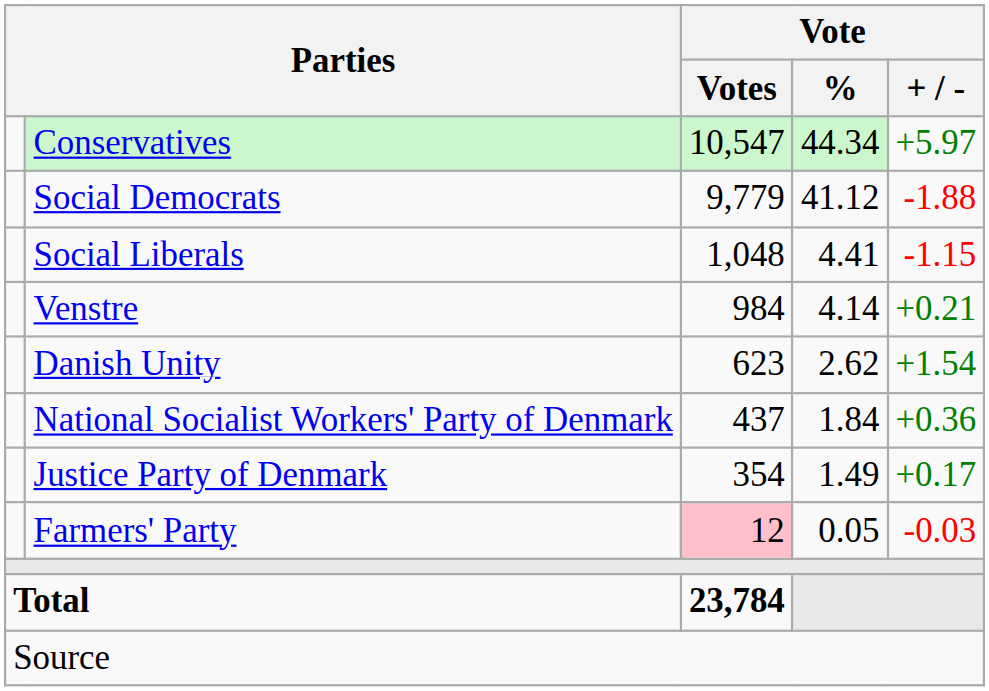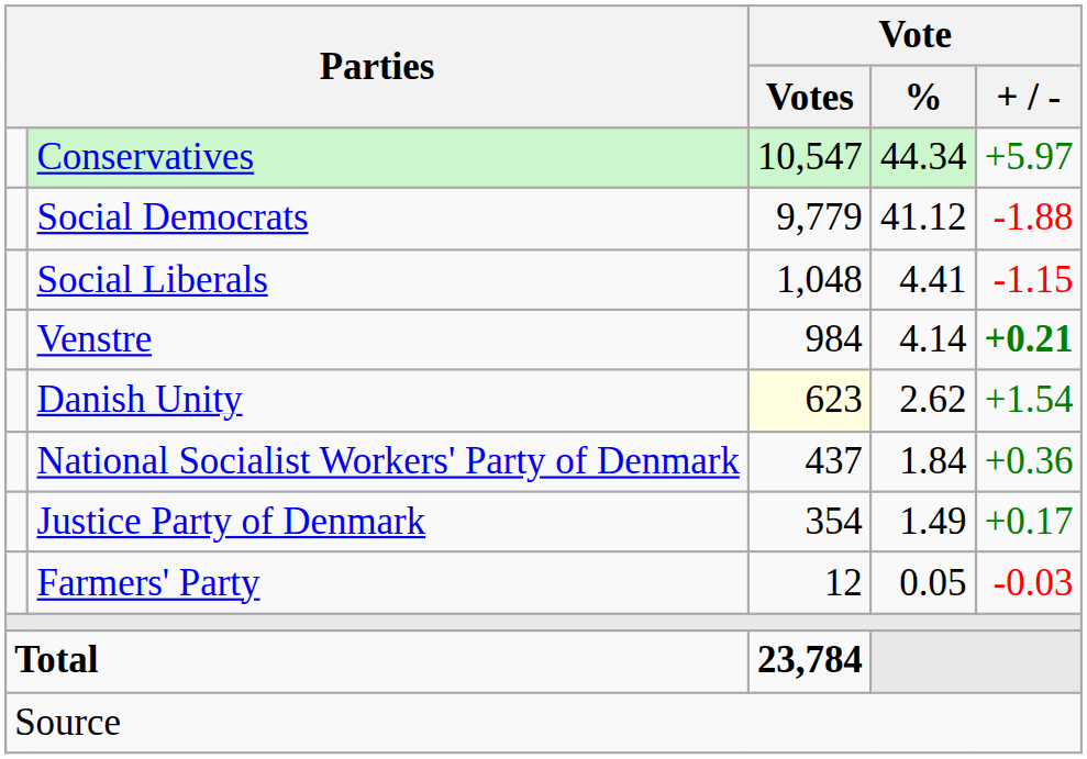 <table class="wikitable" style="text-align:right;">
 <tr>
 <th style="text-align:centre;" rowspan="2" colspan="2" width="225">Parties</th>
 <th colspan="3">Vote</th>
 </tr>
 <tr>
 <th width="15">Votes</th>
 <th width="15">%</th>
 <th width="15">+ / -</th>
 </tr>
 <tr>
 <td width="2" style="color:inherit;background:"></td>
 <td bgcolor=#ccf7cc  align="left"><a href='#'>Conservatives</a></td>
 <td bgcolor=#ccf7cc>10,547</td>
 <td bgcolor=#ccf7cc>44.34</td>
 <td style=color:green;>+5.97</td>
 </tr>
 <tr>
 <td width="2" style="color:inherit;background:"></td>
 <td align="left"><a href='#'>Social Democrats</a></td>
 <td>9,779</td>
 <td>41.12</td>
 <td style=color:red;>-1.88</td>
 </tr>
 <tr>
 <td width="2" style="color:inherit;background:"></td>
 <td align="left"><a href='#'>Social Liberals</a></td>
 <td>1,048</td>
 <td>4.41</td>
 <td style=color:red;>-1.15</td>
 </tr>
 <tr>
 <td width="2" style="color:inherit;background:"></td>
 <td align="left"><a href='#'>Venstre</a></td>
 <td>984</td>
 <td>4.14</td>
-<td style=color:green;>+0.21</td>
+<td style=color:green;><strong>+0.21</strong></td>
 </tr>
 <tr>
 <td width="2" style="color:inherit;background:"></td>
 <td align="left"><a href='#'>Danish Unity</a></td>
-<td>623</td>
+<td style="background: lightyellow;">623</td>
 <td>2.62</td>
 <td style=color:green;>+1.54</td>
 </tr>
 <tr>
 <td width="2" style="color:inherit;background:"></td>
 <td align="left"><a href='#'>National Socialist Workers' Party of Denmark</a></td>
 <td>437</td>
 <td>1.84</td>
 <td style=color:green;>+0.36</td>
 </tr>
 <tr>
 <td width="2" style="color:inherit;background:"></td>
 <td align="left"><a href='#'>Justice Party of Denmark</a></td>
 <td>354</td>
 <td>1.49</td>
 <td style=color:green;>+0.17</td>
 </tr>
 <tr>
 <td width="2" style="color:inherit;background:"></td>
 <td align="left"><a href='#'>Farmers' Party</a></td>
-<td style="background: pink;">12</td>
+<td>12</td>
 <td>0.05</td>
 <td style=color:red;>-0.03</td>
 </tr>
 <tr>
 <td colspan="7" bgcolor="#E9E9E9"></td>
 </tr>
 <tr>
 <td align="left" colspan="2"><strong>Total</strong></td>
 <td><strong>23,784</strong></td>
 <td bgcolor="#E9E9E9" colspan="2"></td>
 </tr>
 <tr>
 <td align="left" colspan="6">Source</td>
 </tr>
 </table>
